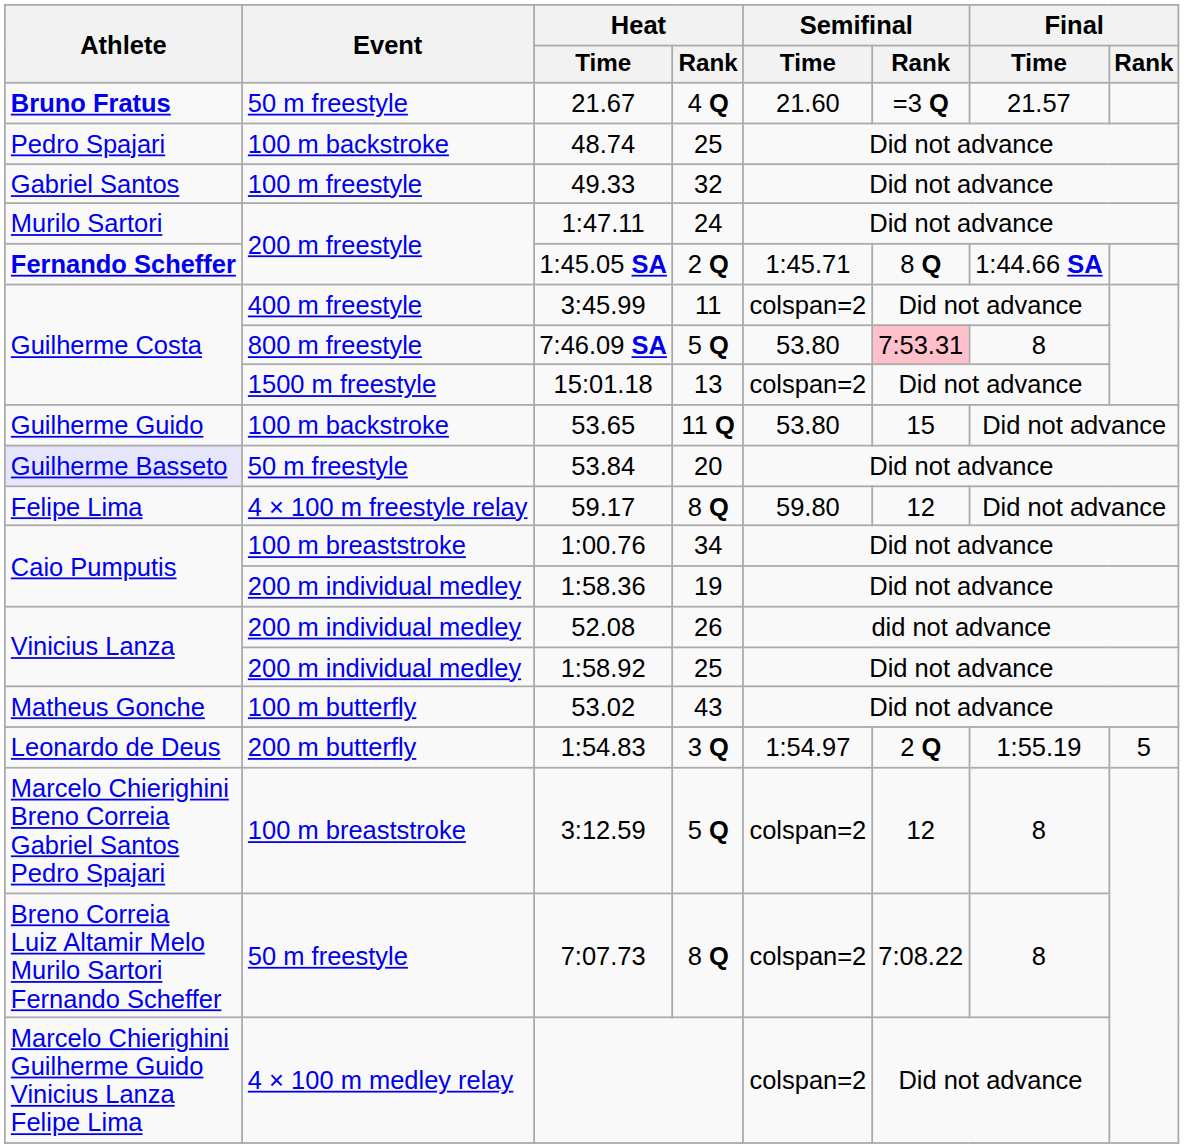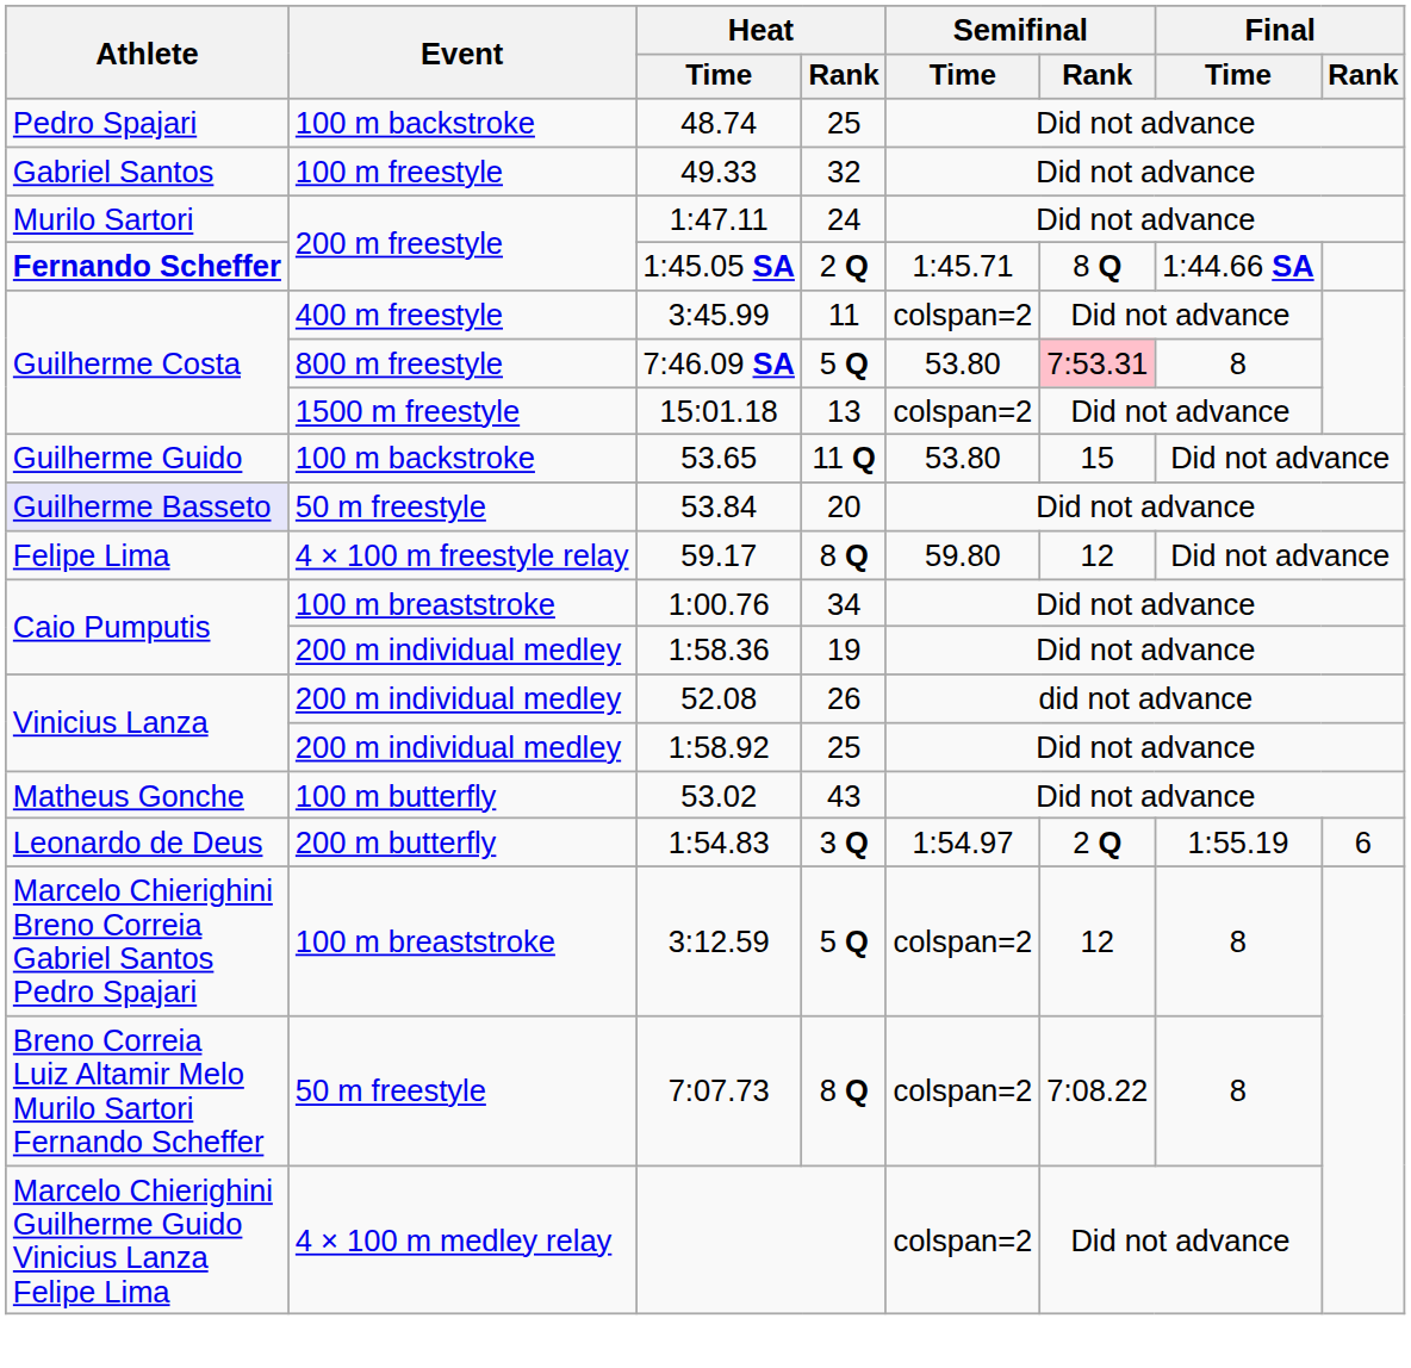 <table class=wikitable style="font-size:90%">
 <tr>
 <th rowspan="2">Athlete</th>
 <th rowspan="2">Event</th>
 <th colspan="2">Heat</th>
 <th colspan="2">Semifinal</th>
 <th colspan="2">Final</th>
 </tr>
 <tr style="font-size:95%">
 <th>Time</th>
 <th>Rank</th>
 <th>Time</th>
 <th>Rank</th>
 <th>Time</th>
 <th>Rank</th>
-</tr>
-<tr align=center>
-<td align=left><strong><a href='#'>Bruno Fratus</a></strong></td>
-<td align=left><a href='#'>50 m freestyle</a></td>
-<td>21.67</td>
-<td>4 <strong>Q</strong></td>
-<td>21.60</td>
-<td>=3 <strong>Q</strong></td>
-<td>21.57</td>
-<td></td>
 </tr>
 <tr align=center>
 <td align=left><a href='#'>Pedro Spajari</a></td>
 <td align=left><a href='#'>100 m backstroke</a></td>
 <td>48.74</td>
 <td>25</td>
 <td colspan="4">Did not advance</td>
 </tr>
 <tr align=center>
 <td align=left><a href='#'>Gabriel Santos</a></td>
 <td align=left><a href='#'>100 m freestyle</a></td>
 <td>49.33</td>
 <td>32</td>
 <td colspan="4">Did not advance</td>
 </tr>
 <tr align=center>
 <td align=left><a href='#'>Murilo Sartori</a></td>
 <td align=left rowspan=2><a href='#'>200 m freestyle</a></td>
 <td>1:47.11</td>
 <td>24</td>
 <td colspan="4">Did not advance</td>
 </tr>
 <tr align=center>
 <td align=left><strong><a href='#'>Fernando Scheffer</a></strong></td>
 <td>1:45.05 <strong><a href='#'>SA</a></strong></td>
 <td>2 <strong>Q</strong></td>
 <td>1:45.71</td>
 <td>8 <strong>Q</strong></td>
 <td>1:44.66 <strong><a href='#'>SA</a></strong></td>
 <td></td>
 </tr>
 <tr align=center>
 <td align=left rowspan=3><a href='#'>Guilherme Costa</a></td>
 <td align=left><a href='#'>400 m freestyle</a></td>
 <td>3:45.99</td>
 <td>11</td>
 <td>colspan=2 </td>
 <td colspan="2">Did not advance</td>
 </tr>
 <tr align=center>
 <td align=left><a href='#'>800 m freestyle</a></td>
 <td>7:46.09 <strong><a href='#'>SA</a></strong></td>
 <td>5 <strong>Q</strong></td>
 <td>53.80</td>
 <td style="background: pink;">7:53.31</td>
 <td>8</td>
 </tr>
 <tr align=center>
 <td align=left><a href='#'>1500 m freestyle</a></td>
 <td>15:01.18</td>
 <td>13</td>
 <td>colspan=2 </td>
 <td colspan="2">Did not advance</td>
 </tr>
 <tr align=center>
 <td align=left><a href='#'>Guilherme Guido</a></td>
 <td align=left><a href='#'>100 m backstroke</a></td>
 <td>53.65</td>
 <td>11 <strong>Q</strong></td>
 <td>53.80</td>
 <td>15</td>
 <td colspan="2">Did not advance</td>
 </tr>
 <tr align=center>
 <td align=left style="background: lavender;"><a href='#'>Guilherme Basseto</a></td>
 <td align=left><a href='#'>50 m freestyle</a></td>
 <td>53.84</td>
 <td>20</td>
 <td colspan="4">Did not advance</td>
 </tr>
 <tr align=center>
 <td align=left><a href='#'>Felipe Lima</a></td>
 <td align=left><a href='#'>4 × 100 m freestyle relay</a></td>
 <td>59.17</td>
 <td>8 <strong>Q</strong></td>
 <td>59.80</td>
 <td>12</td>
 <td colspan="2">Did not advance</td>
 </tr>
 <tr align=center>
 <td align=left rowspan=2><a href='#'>Caio Pumputis</a></td>
 <td align=left><a href='#'>100 m breaststroke</a></td>
 <td>1:00.76</td>
 <td>34</td>
 <td colspan="4">Did not advance</td>
 </tr>
 <tr align=center>
 <td align=left><a href='#'>200 m individual medley</a></td>
 <td>1:58.36</td>
 <td>19</td>
 <td colspan="4">Did not advance</td>
 </tr>
 <tr align=center>
 <td align=left rowspan=2><a href='#'>Vinicius Lanza</a></td>
 <td align=left><a href='#'>200 m individual medley</a></td>
 <td>52.08</td>
 <td>26</td>
 <td colspan="4">did not advance</td>
 </tr>
 <tr align=center>
 <td align=left><a href='#'>200 m individual medley</a></td>
 <td>1:58.92</td>
 <td>25</td>
 <td colspan="4">Did not advance</td>
 </tr>
 <tr align=center>
 <td align=left><a href='#'>Matheus Gonche</a></td>
 <td align=left><a href='#'>100 m butterfly</a></td>
 <td>53.02</td>
 <td>43</td>
 <td colspan="4">Did not advance</td>
 </tr>
 <tr align=center>
 <td align=left><a href='#'>Leonardo de Deus</a></td>
 <td align=left><a href='#'>200 m butterfly</a></td>
 <td>1:54.83</td>
 <td>3 <strong>Q</strong></td>
 <td>1:54.97</td>
 <td>2 <strong>Q</strong></td>
 <td>1:55.19</td>
-<td>5</td>
+<td>6</td>
 </tr>
 <tr align=center>
 <td align=left><a href='#'>Marcelo Chierighini</a><br><a href='#'>Breno Correia</a><br><a href='#'>Gabriel Santos</a><br><a href='#'>Pedro Spajari</a></td>
 <td align=left><a href='#'>100 m breaststroke</a></td>
 <td>3:12.59</td>
 <td>5 <strong>Q</strong></td>
 <td>colspan=2 </td>
 <td>12</td>
 <td>8</td>
 </tr>
 <tr align=center>
 <td align=left><a href='#'>Breno Correia</a><br><a href='#'>Luiz Altamir Melo</a><br><a href='#'>Murilo Sartori</a><br><a href='#'>Fernando Scheffer</a></td>
 <td align=left><a href='#'>50 m freestyle</a></td>
 <td>7:07.73</td>
 <td>8 <strong>Q</strong></td>
 <td>colspan=2 </td>
 <td>7:08.22</td>
 <td>8</td>
 </tr>
 <tr align=center>
 <td align=left><a href='#'>Marcelo Chierighini</a><br><a href='#'>Guilherme Guido</a><br><a href='#'>Vinicius Lanza</a><br><a href='#'>Felipe Lima</a></td>
 <td align=left><a href='#'>4 × 100 m medley relay</a></td>
 <td colspan="2"></td>
 <td>colspan=2 </td>
 <td colspan="2">Did not advance</td>
 </tr>
 </table>
